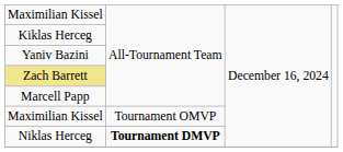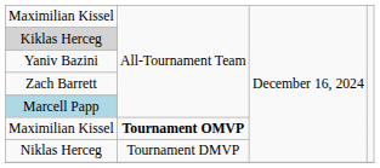 <table class="wikitable sortable" style="text-align: center">
 <tr>
 <td>Maximilian Kissel</td>
 <td rowspan=5>All-Tournament Team</td>
 <td rowspan=7>December 16, 2024</td>
 <td rowspan=7></td>
 </tr>
 <tr>
-<td>Kiklas Herceg</td>
+<td style="background: lightgrey;">Kiklas Herceg</td>
 </tr>
 <tr>
 <td>Yaniv Bazini</td>
 </tr>
 <tr>
-<td style="background: khaki;">Zach Barrett</td>
+<td>Zach Barrett</td>
 </tr>
 <tr>
-<td>Marcell Papp</td>
+<td style="background: lightblue;">Marcell Papp</td>
 </tr>
 <tr>
 <td>Maximilian Kissel</td>
-<td>Tournament OMVP</td>
+<td><strong>Tournament OMVP</strong></td>
 </tr>
 <tr>
 <td>Niklas Herceg</td>
-<td><strong>Tournament DMVP</strong></td>
+<td>Tournament DMVP</td>
 </tr>
 <tr>
 </tr>
 </table>
